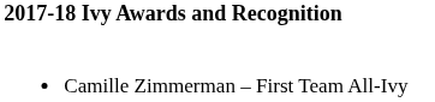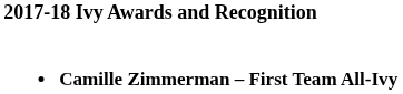 <table class="toccolours" style="border-collapse:collapse; font-size:90%;">
 <tr>
 <td colspan="1"><strong>2017-18 Ivy Awards and Recognition</strong></td>
 </tr>
 <tr>
-<td style="text-align: left; font-size: 95%;" valign="top"><br><ul><li>Camille Zimmerman – First Team All-Ivy</li></ul></td>
+<td style="text-align: left; font-size: 95%;" valign="top"><strong><br><ul><li>Camille Zimmerman – First Team All-Ivy</li></ul></strong></td>
 </tr>
 </table>
